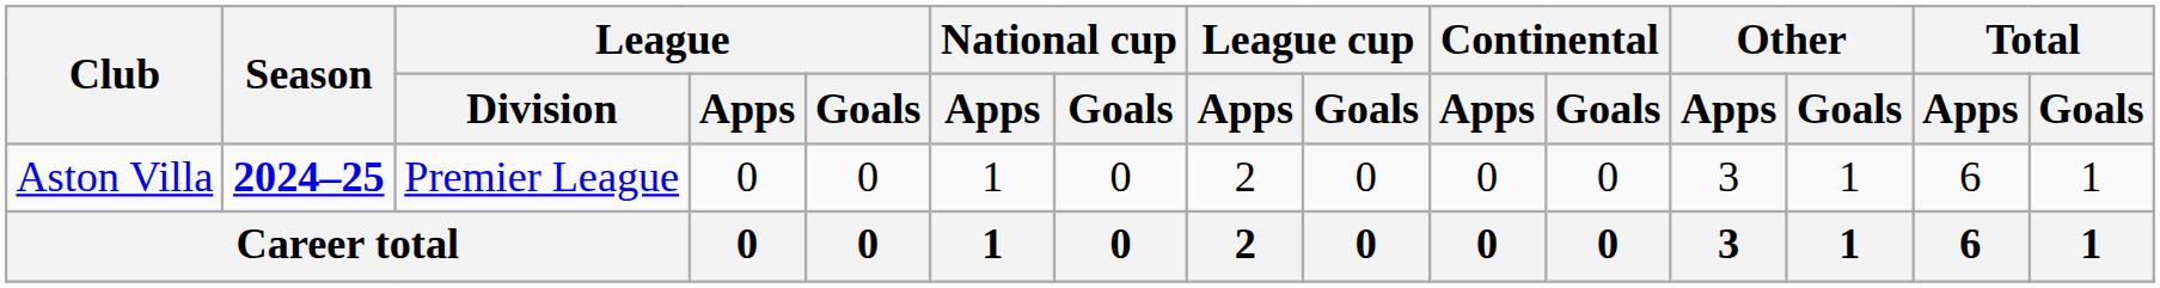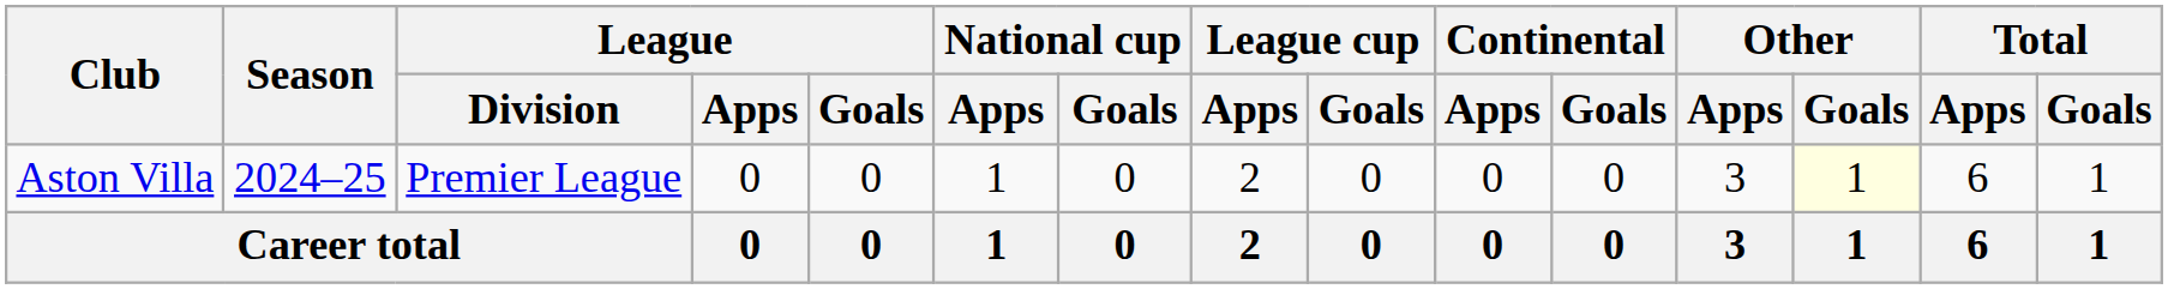 <table class="wikitable" style="text-align:center">
 <tr>
 <th rowspan="2">Club</th>
 <th rowspan="2">Season</th>
 <th colspan="3">League</th>
 <th colspan="2">National cup</th>
 <th colspan="2">League cup</th>
 <th colspan="2">Continental</th>
 <th colspan="2">Other</th>
 <th colspan="2">Total</th>
 </tr>
 <tr>
 <th>Division</th>
 <th>Apps</th>
 <th>Goals</th>
 <th>Apps</th>
 <th>Goals</th>
 <th>Apps</th>
 <th>Goals</th>
 <th>Apps</th>
 <th>Goals</th>
 <th>Apps</th>
 <th>Goals</th>
 <th>Apps</th>
 <th>Goals</th>
 </tr>
 <tr>
 <td><a href='#'>Aston Villa</a></td>
-<td><strong><a href='#'>2024–25</a></strong></td>
+<td><a href='#'>2024–25</a></td>
 <td><a href='#'>Premier League</a></td>
 <td>0</td>
 <td>0</td>
 <td>1</td>
 <td>0</td>
 <td>2</td>
 <td>0</td>
 <td>0</td>
 <td>0</td>
 <td>3</td>
-<td>1</td>
+<td style="background: lightyellow;">1</td>
 <td>6</td>
 <td>1</td>
 </tr>
 <tr>
 <th colspan="3">Career total</th>
 <th>0</th>
 <th>0</th>
 <th>1</th>
 <th>0</th>
 <th>2</th>
 <th>0</th>
 <th>0</th>
 <th>0</th>
 <th>3</th>
 <th>1</th>
 <th>6</th>
 <th>1</th>
 </tr>
 </table>
